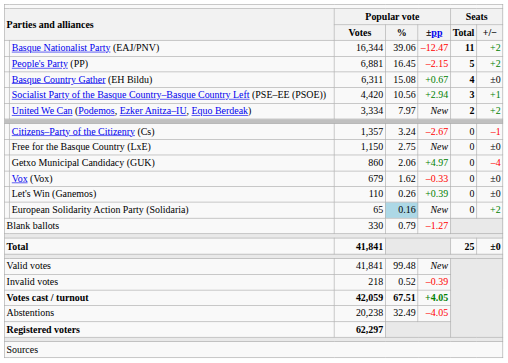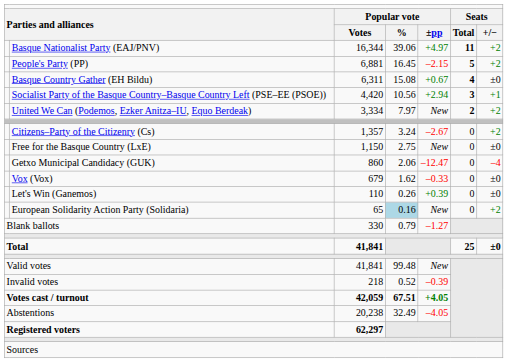 <table class="wikitable" style="text-align:right;">
 <tr>
 <td colspan="7"></td>
 </tr>
 <tr>
 <th style="text-align:left;" rowspan="2" colspan="2" width="525">Parties and alliances</th>
 <th colspan="3">Popular vote</th>
 <th colspan="2">Seats</th>
 </tr>
 <tr>
 <th width="75">Votes</th>
 <th width="45">%</th>
 <th width="45">±<a href='#'>pp</a></th>
 <th width="35">Total</th>
 <th width="35">+/−</th>
 </tr>
 <tr>
 <td width="1" style="color:inherit;background:"></td>
 <td align="left"><a href='#'>Basque Nationalist Party</a> (EAJ/PNV)</td>
 <td>16,344</td>
 <td>39.06</td>
-<td style="color:red;">–12.47</td>
+<td style="color:green;">+4.97</td>
 <td><strong>11</strong></td>
 <td style="color:green;">+2</td>
 </tr>
 <tr>
 <td style="color:inherit;background:"></td>
 <td align="left"><a href='#'>People's Party</a> (PP)</td>
 <td>6,881</td>
 <td>16.45</td>
 <td style="color:red;">–2.15</td>
 <td><strong>5</strong></td>
 <td style="color:green;">+2</td>
 </tr>
 <tr>
 <td style="color:inherit;background:"></td>
 <td align="left"><a href='#'>Basque Country Gather</a> (EH Bildu)</td>
 <td>6,311</td>
 <td>15.08</td>
 <td style="color:green;">+0.67</td>
 <td><strong>4</strong></td>
 <td>±0</td>
 </tr>
 <tr>
 <td style="color:inherit;background:"></td>
 <td align="left"><a href='#'>Socialist Party of the Basque Country–Basque Country Left</a> (PSE–EE (PSOE))</td>
 <td>4,420</td>
 <td>10.56</td>
 <td style="color:green;">+2.94</td>
 <td><strong>3</strong></td>
 <td style="color:green;">+1</td>
 </tr>
 <tr>
 <td style="color:inherit;background:"></td>
 <td align="left"><a href='#'>United We Can</a> (<a href='#'>Podemos</a>, <a href='#'>Ezker Anitza–IU</a>, <a href='#'>Equo Berdeak</a>)</td>
 <td>3,334</td>
 <td>7.97</td>
 <td><em>New</em></td>
 <td><strong>2</strong></td>
 <td style="color:green;">+2</td>
 </tr>
 <tr>
 <td colspan="7" bgcolor="#C0C0C0"></td>
 </tr>
 <tr>
 <td style="color:inherit;background:"></td>
 <td align="left"><a href='#'>Citizens–Party of the Citizenry</a> (Cs)</td>
 <td>1,357</td>
 <td>3.24</td>
 <td style="color:red;">–2.67</td>
 <td>0</td>
-<td style="color:red;">–1</td>
+<td style="color:green;">+2</td>
 </tr>
 <tr>
 <td style="color:inherit;background:"></td>
 <td align="left">Free for the Basque Country (LxE)</td>
 <td>1,150</td>
 <td>2.75</td>
 <td><em>New</em></td>
 <td>0</td>
 <td>±0</td>
 </tr>
 <tr>
 <td style="color:inherit;background:"></td>
 <td align="left">Getxo Municipal Candidacy (GUK)</td>
 <td>860</td>
 <td>2.06</td>
-<td style="color:green;">+4.97</td>
+<td style="color:red;">–12.47</td>
 <td>0</td>
 <td style="color:red;">–4</td>
 </tr>
 <tr>
 <td style="color:inherit;background:"></td>
 <td align="left"><a href='#'>Vox</a> (Vox)</td>
 <td>679</td>
 <td>1.62</td>
 <td style="color:red;">–0.33</td>
 <td>0</td>
 <td>±0</td>
 </tr>
 <tr>
 <td style="color:inherit;background:"></td>
 <td align="left">Let's Win (Ganemos)</td>
 <td>110</td>
 <td>0.26</td>
 <td style="color:green;">+0.39</td>
 <td>0</td>
 <td>±0</td>
 </tr>
 <tr>
 <td style="color:inherit;background:"></td>
 <td align="left">European Solidarity Action Party (Solidaria)</td>
 <td>65</td>
 <td style="background: lightblue;">0.16</td>
 <td><em>New</em></td>
 <td>0</td>
 <td style="color:green;">+2</td>
 </tr>
 <tr>
 <td align="left" colspan="2">Blank ballots</td>
 <td>330</td>
 <td>0.79</td>
 <td style="color:red;">–1.27</td>
 <td bgcolor="#E9E9E9" colspan="2"></td>
 </tr>
 <tr>
 <td colspan="7" bgcolor="#E9E9E9"></td>
 </tr>
 <tr style="font-weight:bold;">
 <td align="left" colspan="2">Total</td>
 <td>41,841</td>
 <td bgcolor="#E9E9E9" colspan="2"></td>
 <td>25</td>
 <td>±0</td>
 </tr>
 <tr>
 <td colspan="7" bgcolor="#E9E9E9"></td>
 </tr>
 <tr>
 <td align="left" colspan="2">Valid votes</td>
 <td>41,841</td>
 <td>99.48</td>
 <td><em>New</em></td>
 <td bgcolor="#E9E9E9" colspan="2" rowspan="5"></td>
 </tr>
 <tr>
 <td align="left" colspan="2">Invalid votes</td>
 <td>218</td>
 <td>0.52</td>
 <td style="color:red;">–0.39</td>
 </tr>
 <tr style="font-weight:bold;">
 <td align="left" colspan="2">Votes cast / turnout</td>
 <td>42,059</td>
 <td>67.51</td>
 <td style="color:green;">+4.05</td>
 </tr>
 <tr>
 <td align="left" colspan="2">Abstentions</td>
 <td>20,238</td>
 <td>32.49</td>
 <td style="color:red;">–4.05</td>
 </tr>
 <tr style="font-weight:bold;">
 <td align="left" colspan="2">Registered voters</td>
 <td>62,297</td>
 <td bgcolor="#E9E9E9" colspan="2"></td>
 </tr>
 <tr>
 <td colspan="7" bgcolor="#E9E9E9"></td>
 </tr>
 <tr>
 <td align="left" colspan="7">Sources</td>
 </tr>
 </table>
